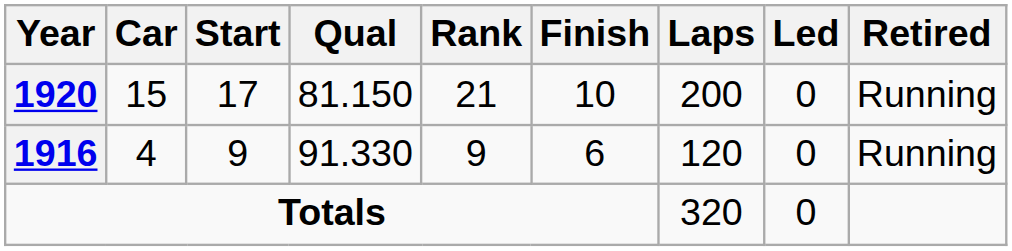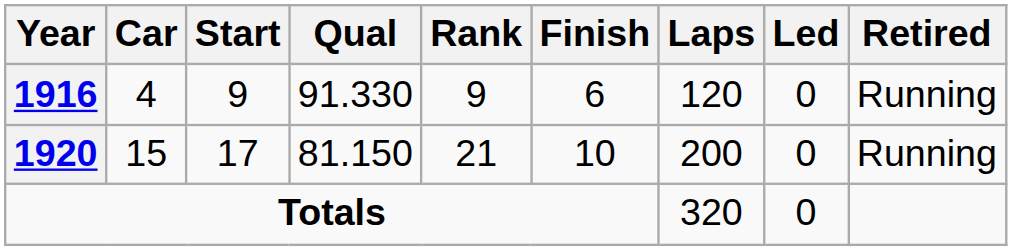 <table class="wikitable" style="text-align:center">
 <tr>
 <th>Year</th>
 <th>Car</th>
 <th>Start</th>
 <th>Qual</th>
 <th>Rank</th>
 <th>Finish</th>
 <th>Laps</th>
 <th>Led</th>
 <th>Retired</th>
 </tr>
 <tr>
+<th><a href='#'>1916</a></th>
+<td>4</td>
+<td>9</td>
+<td>91.330</td>
+<td>9</td>
+<td>6</td>
+<td>120</td>
+<td>0</td>
+<td>Running</td>
+</tr>
+<tr>
 <th><a href='#'>1920</a></th>
 <td>15</td>
 <td>17</td>
 <td>81.150</td>
 <td>21</td>
 <td>10</td>
 <td>200</td>
 <td>0</td>
 <td>Running</td>
 </tr>
 <tr>
-<th><a href='#'>1916</a></th>
-<td>4</td>
-<td>9</td>
-<td>91.330</td>
-<td>9</td>
-<td>6</td>
-<td>120</td>
-<td>0</td>
-<td>Running</td>
-</tr>
-<tr>
 <td colspan=6><strong>Totals</strong></td>
 <td>320</td>
 <td>0</td>
 <td></td>
 </tr>
 </table>
